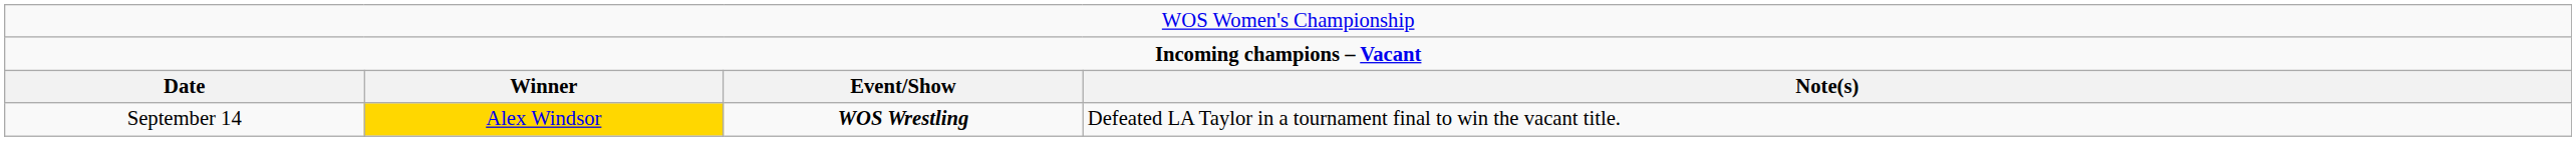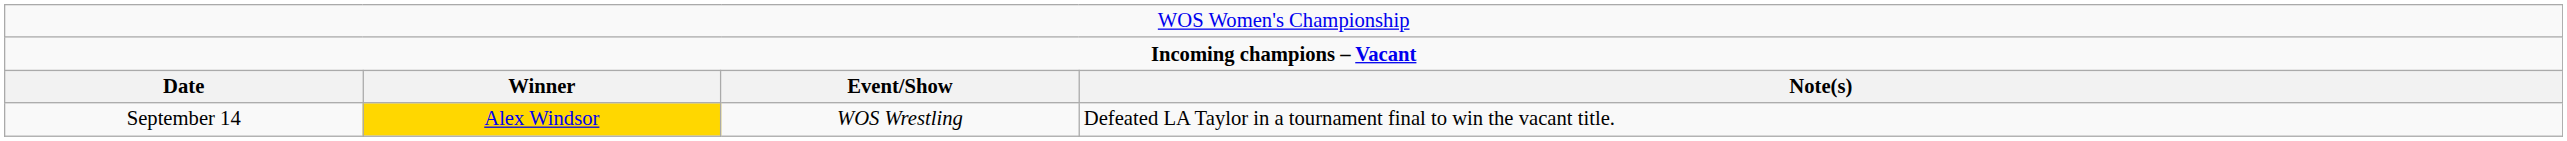 <table class="wikitable" style="text-align:center; width:100%;">
 <tr>
 <td colspan="4" style="text-align: center;"><a href='#'>WOS Women's Championship</a></td>
 </tr>
 <tr>
 <td colspan="4" style="text-align: center;"><strong>Incoming champions – <a href='#'>Vacant</a></strong></td>
 </tr>
 <tr>
 <th width=14%>Date</th>
 <th width=14%>Winner</th>
 <th width=14%>Event/Show</th>
 <th width=58%>Note(s)</th>
 </tr>
 <tr>
 <td>September 14<br></td>
 <td style="background: gold;"><a href='#'>Alex Windsor</a></td>
-<td><strong><em>WOS Wrestling</em></strong></td>
+<td><em>WOS Wrestling</em></td>
 <td align=left>Defeated LA Taylor in a tournament final to win the vacant title.</td>
 </tr>
 </table>
